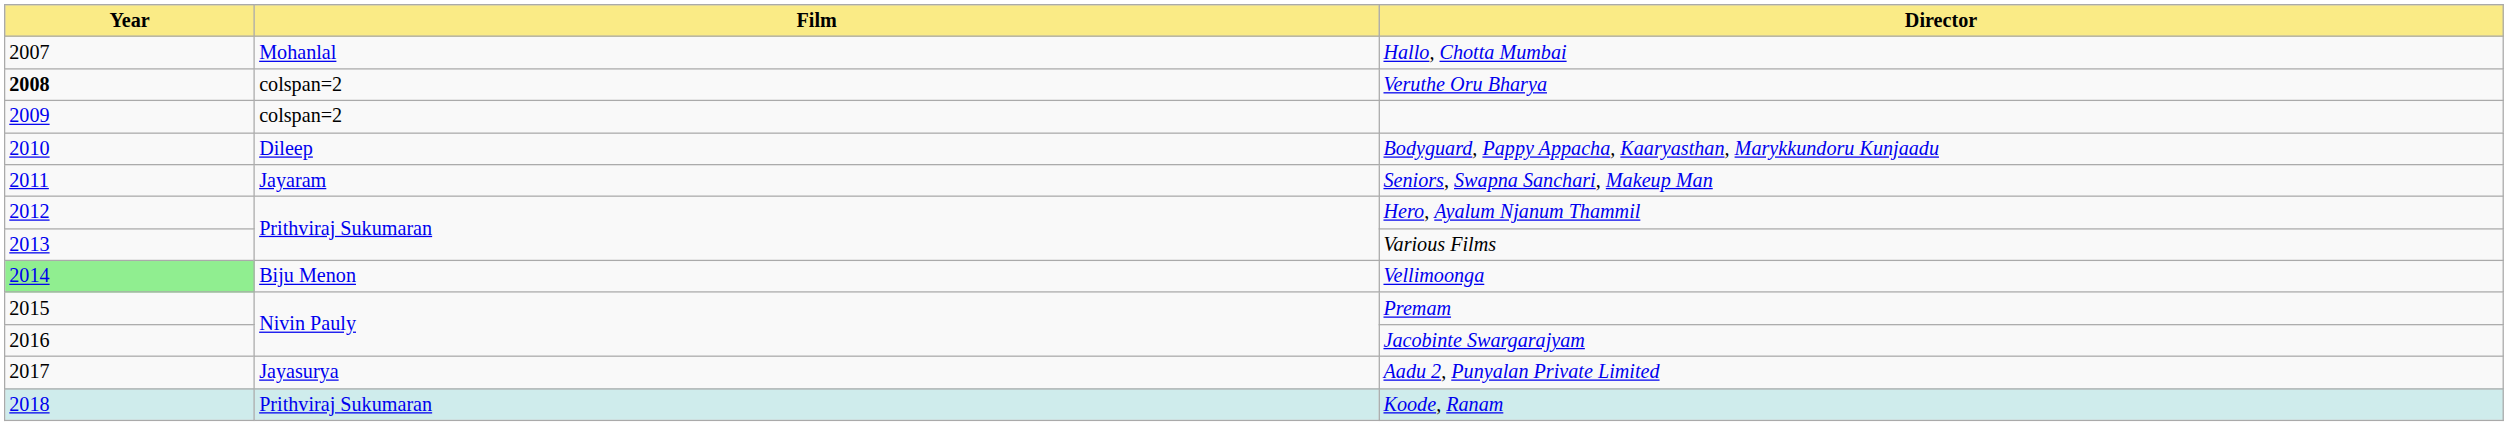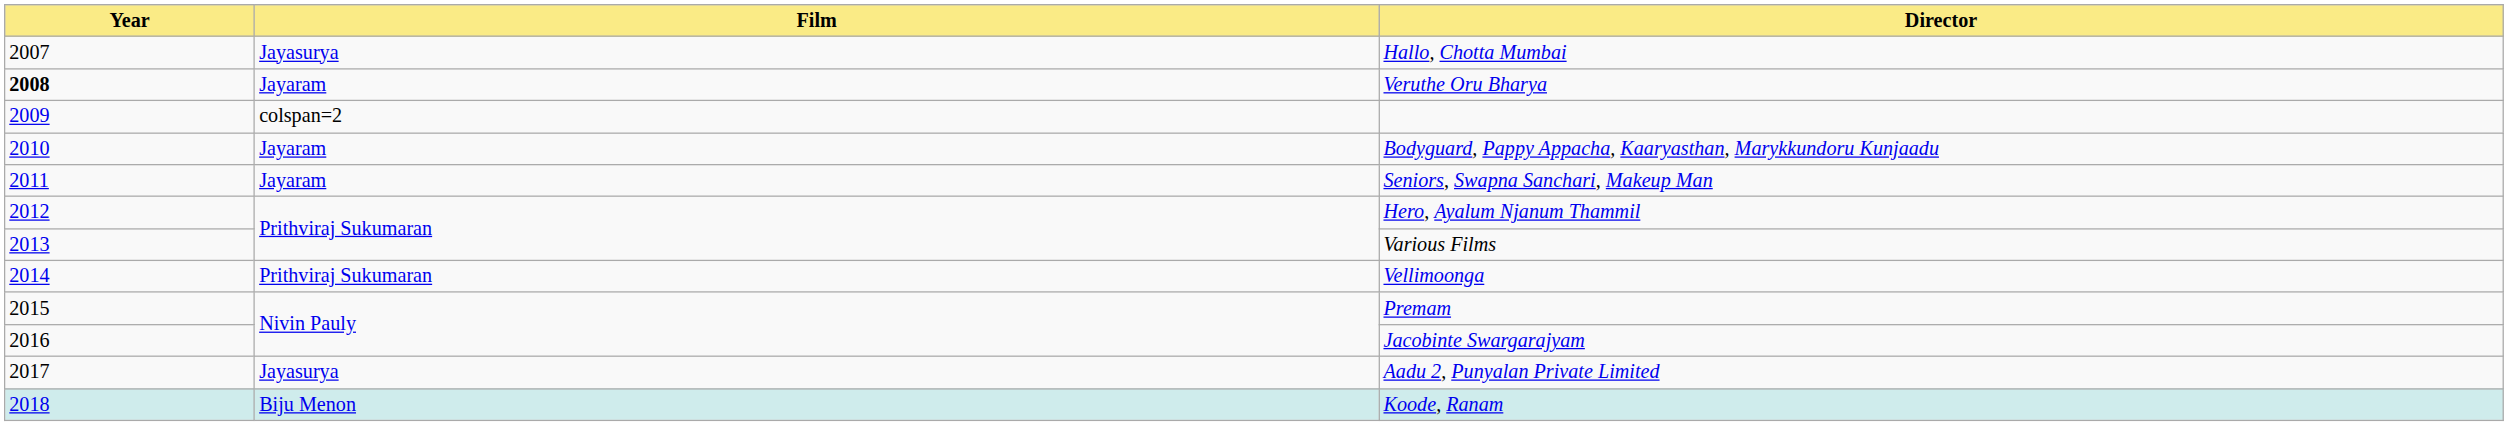 <table class="wikitable" style="width:100%">
 <tr bgcolor="#bebebe">
 <th width="10%" style="background:#FAEB86">Year</th>
 <th width="45%" style="background:#FAEB86">Film</th>
 <th width="45%" style="background:#FAEB86">Director</th>
 </tr>
 <tr>
 <td>2007</td>
-<td><a href='#'>Mohanlal</a></td>
+<td><a href='#'>Jayasurya</a></td>
 <td><em><a href='#'>Hallo</a>, <a href='#'>Chotta Mumbai</a></em></td>
 </tr>
 <tr>
 <td><strong>2008</strong></td>
-<td>colspan=2 </td>
+<td><a href='#'>Jayaram</a></td>
 <td><em><a href='#'>Veruthe Oru Bharya</a></em></td>
 </tr>
 <tr>
 <td><a href='#'>2009</a></td>
 <td>colspan=2 </td>
 </tr>
 <tr>
 <td><a href='#'>2010</a></td>
-<td><a href='#'>Dileep</a></td>
+<td><a href='#'>Jayaram</a></td>
 <td><em><a href='#'>Bodyguard</a>, <a href='#'>Pappy Appacha</a>, <a href='#'>Kaaryasthan</a>, <a href='#'>Marykkundoru Kunjaadu</a></em></td>
 </tr>
 <tr>
 <td><a href='#'>2011</a></td>
 <td><a href='#'>Jayaram</a></td>
 <td><em><a href='#'>Seniors</a></em>, <em><a href='#'>Swapna Sanchari</a></em>, <em><a href='#'>Makeup Man</a></em></td>
 </tr>
 <tr>
 <td><a href='#'>2012</a></td>
 <td rowspan="2"><a href='#'>Prithviraj Sukumaran</a></td>
 <td><em><a href='#'>Hero</a></em>, <em><a href='#'>Ayalum Njanum Thammil</a></em></td>
 </tr>
 <tr>
 <td><a href='#'>2013</a></td>
 <td><em>Various Films</em></td>
 </tr>
 <tr>
-<td style="background: lightgreen;"><a href='#'>2014</a></td>
-<td><a href='#'>Biju Menon</a></td>
+<td><a href='#'>2014</a></td>
+<td><a href='#'>Prithviraj Sukumaran</a></td>
 <td><em><a href='#'>Vellimoonga</a></em></td>
 </tr>
 <tr>
 <td>2015</td>
 <td rowspan="2"><a href='#'>Nivin Pauly</a></td>
 <td><em><a href='#'>Premam</a></em></td>
 </tr>
 <tr>
 <td>2016</td>
 <td><em><a href='#'>Jacobinte Swargarajyam</a></em></td>
 </tr>
 <tr>
 <td>2017</td>
 <td><a href='#'>Jayasurya</a></td>
 <td><em><a href='#'>Aadu 2</a></em>, <em><a href='#'>Punyalan Private Limited</a></em></td>
 </tr>
 <tr bgcolor="#cfecec">
 <td><a href='#'>2018</a></td>
-<td><a href='#'>Prithviraj Sukumaran</a></td>
+<td><a href='#'>Biju Menon</a></td>
 <td><em><a href='#'>Koode</a></em>, <em><a href='#'>Ranam</a></em></td>
 </tr>
 </table>
